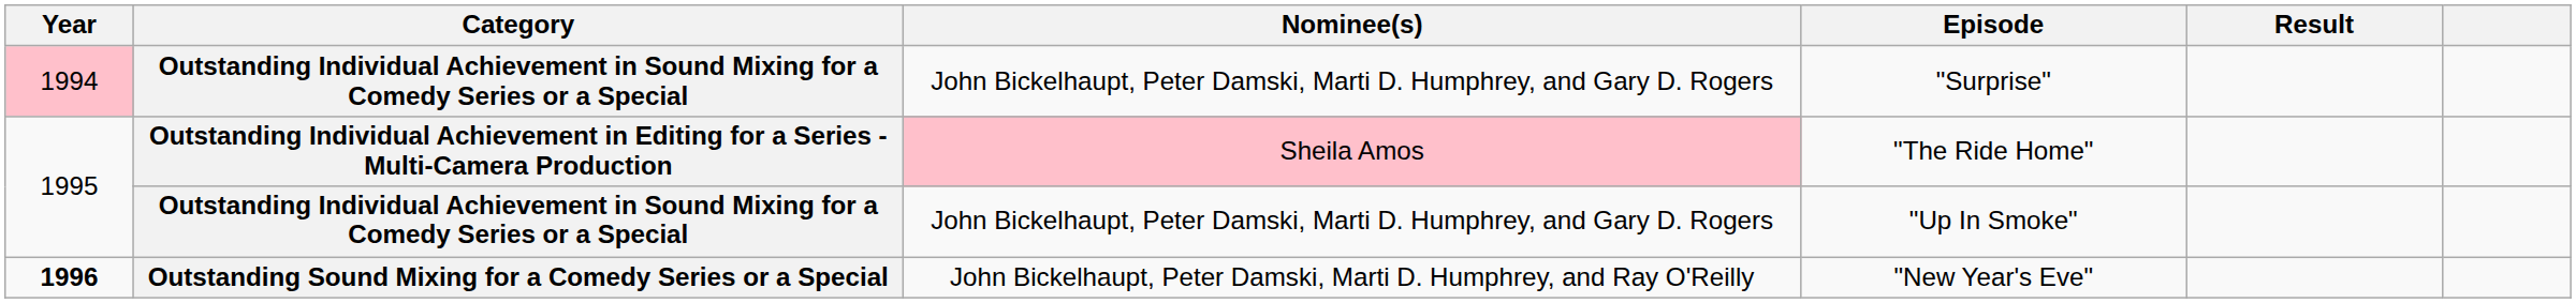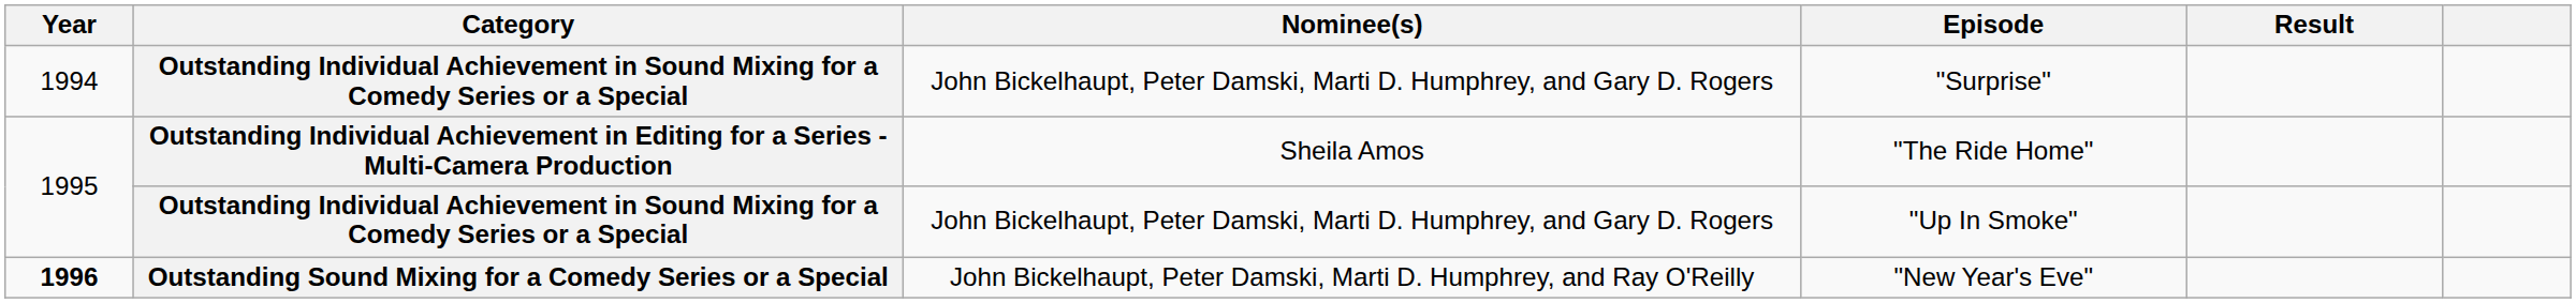 <table class="wikitable plainrowheaders" style="font-size: 100%; text-align:center" width=100%>
 <tr>
 <th scope="col" width="5%">Year</th>
 <th scope="col" width="30%">Category</th>
 <th scope="col" width="35%">Nominee(s)</th>
 <th scope="col" width="15%">Episode</th>
 <th scope="col" width="10%">Result</th>
 <th scope="col" width="5%"></th>
 </tr>
 <tr>
-<td style="background: pink;">1994</td>
+<td>1994</td>
 <th scope="row" style="text-align:center">Outstanding Individual Achievement in Sound Mixing for a Comedy Series or a Special</th>
 <td>John Bickelhaupt, Peter Damski, Marti D. Humphrey, and Gary D. Rogers</td>
 <td>"Surprise"</td>
 <td></td>
 <td></td>
 </tr>
 <tr>
 <td rowspan="2">1995</td>
 <th scope="row" style="text-align:center">Outstanding Individual Achievement in Editing for a Series - Multi-Camera Production</th>
-<td style="background: pink;">Sheila Amos</td>
+<td>Sheila Amos</td>
 <td>"The Ride Home"</td>
 <td></td>
 <td></td>
 </tr>
 <tr>
 <th scope="row" style="text-align:center">Outstanding Individual Achievement in Sound Mixing for a Comedy Series or a Special</th>
 <td>John Bickelhaupt, Peter Damski, Marti D. Humphrey, and Gary D. Rogers</td>
 <td>"Up In Smoke"</td>
 <td></td>
 <td></td>
 </tr>
 <tr>
 <td><strong>1996</strong></td>
 <th scope="row" style="text-align:center">Outstanding Sound Mixing for a Comedy Series or a Special</th>
 <td>John Bickelhaupt, Peter Damski, Marti D. Humphrey, and Ray O'Reilly</td>
 <td>"New Year's Eve"</td>
 <td></td>
 <td></td>
 </tr>
 </table>
